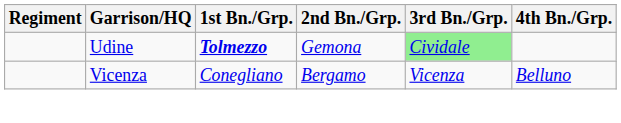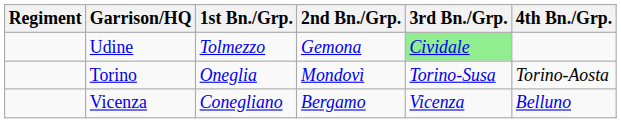 <table class="wikitable sortable">
 <tr class="hintergrundfarbe6">
 <th class="unsortable">Regiment</th>
 <th>Garrison/HQ</th>
 <th>1st Bn./Grp.</th>
 <th>2nd Bn./Grp.</th>
 <th>3rd Bn./Grp.</th>
 <th>4th Bn./Grp.</th>
 </tr>
 <tr>
 <td></td>
 <td><a href='#'>Udine</a></td>
-<td><strong> <em><a href='#'>Tolmezzo</a></em></strong></td>
+<td> <em><a href='#'>Tolmezzo</a></em></td>
 <td> <em><a href='#'>Gemona</a></em></td>
 <td style="background: lightgreen;"> <em><a href='#'>Cividale</a></em></td>
+</tr>
+<tr>
+<td></td>
+<td><a href='#'>Torino</a></td>
+<td> <em><a href='#'>Oneglia</a></em></td>
+<td> <em><a href='#'>Mondovì</a></em></td>
+<td> <em><a href='#'>Torino-Susa</a></em></td>
+<td> <em>Torino-Aosta</em></td>
 </tr>
 <tr>
 <td></td>
 <td><a href='#'>Vicenza</a></td>
 <td> <em><a href='#'>Conegliano</a></em></td>
 <td> <em><a href='#'>Bergamo</a></em></td>
 <td> <em><a href='#'>Vicenza</a></em></td>
 <td> <em><a href='#'>Belluno</a></em></td>
 </tr>
 </table>
